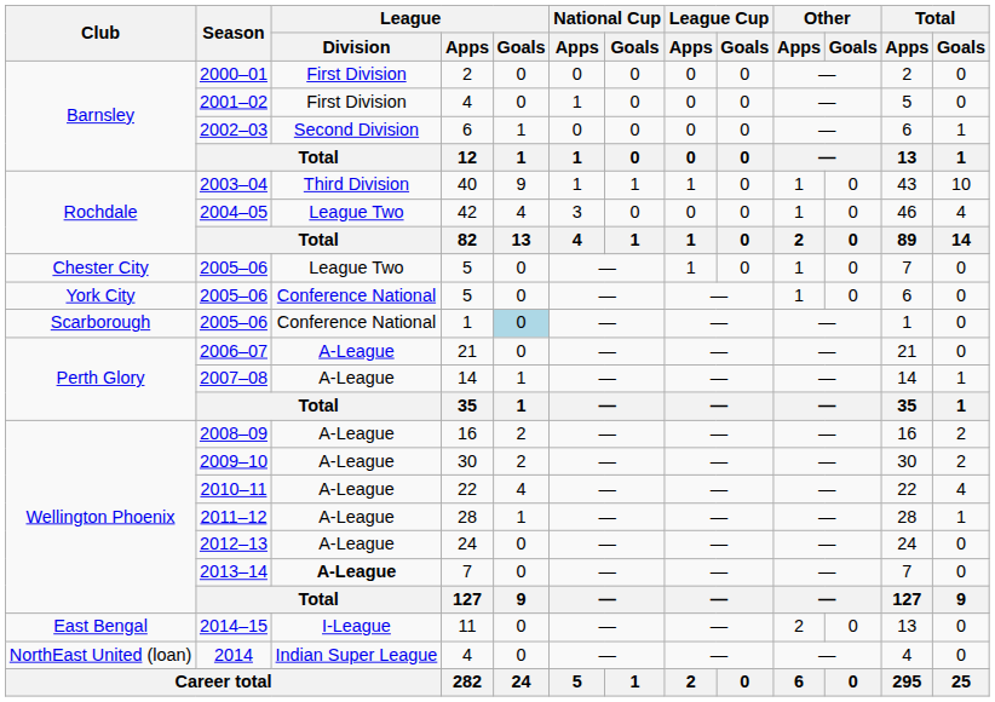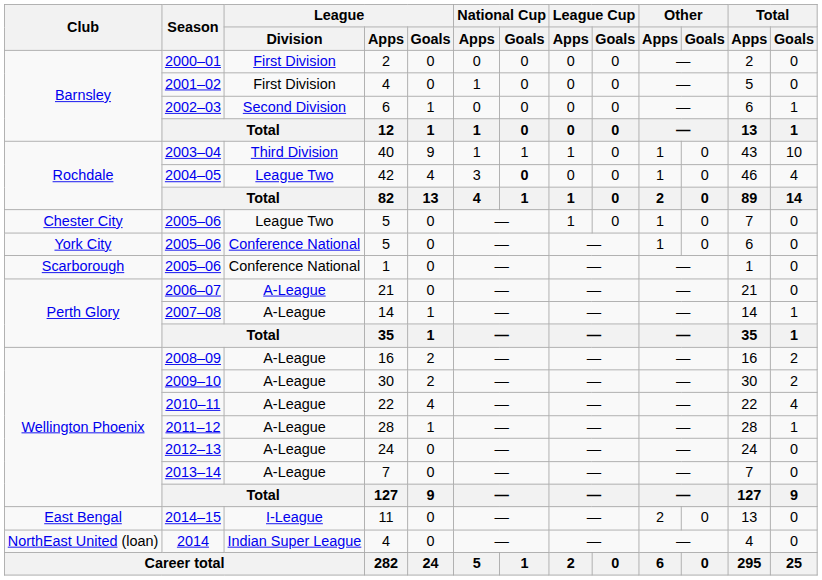 <table class="wikitable" style="text-align: center;">
 <tr>
 <th rowspan="2">Club</th>
 <th rowspan="2">Season</th>
 <th colspan="3">League</th>
 <th colspan="2">National Cup</th>
 <th colspan="2">League Cup</th>
 <th colspan="2">Other</th>
 <th colspan="2">Total</th>
 </tr>
 <tr>
 <th>Division</th>
 <th>Apps</th>
 <th>Goals</th>
 <th>Apps</th>
 <th>Goals</th>
 <th>Apps</th>
 <th>Goals</th>
 <th>Apps</th>
 <th>Goals</th>
 <th>Apps</th>
 <th>Goals</th>
 </tr>
 <tr>
 <td rowspan="4"><a href='#'>Barnsley</a></td>
 <td><a href='#'>2000–01</a></td>
 <td><a href='#'>First Division</a></td>
 <td>2</td>
 <td>0</td>
 <td>0</td>
 <td>0</td>
 <td>0</td>
 <td>0</td>
 <td colspan="2">—</td>
 <td>2</td>
 <td>0</td>
 </tr>
 <tr>
 <td><a href='#'>2001–02</a></td>
 <td>First Division</td>
 <td>4</td>
 <td>0</td>
 <td>1</td>
 <td>0</td>
 <td>0</td>
 <td>0</td>
 <td colspan="2">—</td>
 <td>5</td>
 <td>0</td>
 </tr>
 <tr>
 <td><a href='#'>2002–03</a></td>
 <td><a href='#'>Second Division</a></td>
 <td>6</td>
 <td>1</td>
 <td>0</td>
 <td>0</td>
 <td>0</td>
 <td>0</td>
 <td colspan="2">—</td>
 <td>6</td>
 <td>1</td>
 </tr>
 <tr>
 <th colspan="2">Total</th>
 <th>12</th>
 <th>1</th>
 <th>1</th>
 <th>0</th>
 <th>0</th>
 <th>0</th>
 <th colspan="2">—</th>
 <th>13</th>
 <th>1</th>
 </tr>
 <tr>
 <td rowspan="3"><a href='#'>Rochdale</a></td>
 <td><a href='#'>2003–04</a></td>
 <td><a href='#'>Third Division</a></td>
 <td>40</td>
 <td>9</td>
 <td>1</td>
 <td>1</td>
 <td>1</td>
 <td>0</td>
 <td>1</td>
 <td>0</td>
 <td>43</td>
 <td>10</td>
 </tr>
 <tr>
 <td><a href='#'>2004–05</a></td>
 <td><a href='#'>League Two</a></td>
 <td>42</td>
 <td>4</td>
 <td>3</td>
-<td>0</td>
+<td><strong>0</strong></td>
 <td>0</td>
 <td>0</td>
 <td>1</td>
 <td>0</td>
 <td>46</td>
 <td>4</td>
 </tr>
 <tr>
 <th colspan="2">Total</th>
 <th>82</th>
 <th>13</th>
 <th>4</th>
 <th>1</th>
 <th>1</th>
 <th>0</th>
 <th>2</th>
 <th>0</th>
 <th>89</th>
 <th>14</th>
 </tr>
 <tr>
 <td><a href='#'>Chester City</a></td>
 <td><a href='#'>2005–06</a></td>
 <td>League Two</td>
 <td>5</td>
 <td>0</td>
 <td colspan="2">—</td>
 <td>1</td>
 <td>0</td>
 <td>1</td>
 <td>0</td>
 <td>7</td>
 <td>0</td>
 </tr>
 <tr>
 <td><a href='#'>York City</a></td>
 <td><a href='#'>2005–06</a></td>
 <td><a href='#'>Conference National</a></td>
 <td>5</td>
 <td>0</td>
 <td colspan="2">—</td>
 <td colspan="2">—</td>
 <td>1</td>
 <td>0</td>
 <td>6</td>
 <td>0</td>
 </tr>
 <tr>
 <td><a href='#'>Scarborough</a></td>
 <td><a href='#'>2005–06</a></td>
 <td>Conference National</td>
 <td>1</td>
-<td style="background: lightblue;">0</td>
+<td>0</td>
 <td colspan="2">—</td>
 <td colspan="2">—</td>
 <td colspan="2">—</td>
 <td>1</td>
 <td>0</td>
 </tr>
 <tr>
 <td rowspan="3"><a href='#'>Perth Glory</a></td>
 <td><a href='#'>2006–07</a></td>
 <td><a href='#'>A-League</a></td>
 <td>21</td>
 <td>0</td>
 <td colspan="2">—</td>
 <td colspan="2">—</td>
 <td colspan="2">—</td>
 <td>21</td>
 <td>0</td>
 </tr>
 <tr>
 <td><a href='#'>2007–08</a></td>
 <td>A-League</td>
 <td>14</td>
 <td>1</td>
 <td colspan="2">—</td>
 <td colspan="2">—</td>
 <td colspan="2">—</td>
 <td>14</td>
 <td>1</td>
 </tr>
 <tr>
 <th colspan="2">Total</th>
 <th>35</th>
 <th>1</th>
 <th colspan="2">—</th>
 <th colspan="2">—</th>
 <th colspan="2">—</th>
 <th>35</th>
 <th>1</th>
 </tr>
 <tr>
 <td rowspan="7"><a href='#'>Wellington Phoenix</a></td>
 <td><a href='#'>2008–09</a></td>
 <td>A-League</td>
 <td>16</td>
 <td>2</td>
 <td colspan="2">—</td>
 <td colspan="2">—</td>
 <td colspan="2">—</td>
 <td>16</td>
 <td>2</td>
 </tr>
 <tr>
 <td><a href='#'>2009–10</a></td>
 <td>A-League</td>
 <td>30</td>
 <td>2</td>
 <td colspan="2">—</td>
 <td colspan="2">—</td>
 <td colspan="2">—</td>
 <td>30</td>
 <td>2</td>
 </tr>
 <tr>
 <td><a href='#'>2010–11</a></td>
 <td rowspan="1">A-League</td>
 <td>22</td>
 <td>4</td>
 <td colspan="2">—</td>
 <td colspan="2">—</td>
 <td colspan="2">—</td>
 <td>22</td>
 <td>4</td>
 </tr>
 <tr>
 <td><a href='#'>2011–12</a></td>
 <td>A-League</td>
 <td>28</td>
 <td>1</td>
 <td colspan="2">—</td>
 <td colspan="2">—</td>
 <td colspan="2">—</td>
 <td>28</td>
 <td>1</td>
 </tr>
 <tr>
 <td><a href='#'>2012–13</a></td>
 <td>A-League</td>
 <td>24</td>
 <td>0</td>
 <td colspan="2">—</td>
 <td colspan="2">—</td>
 <td colspan="2">—</td>
 <td>24</td>
 <td>0</td>
 </tr>
 <tr>
 <td><a href='#'>2013–14</a></td>
-<td><strong>A-League</strong></td>
+<td>A-League</td>
 <td>7</td>
 <td>0</td>
 <td colspan="2">—</td>
 <td colspan="2">—</td>
 <td colspan="2">—</td>
 <td>7</td>
 <td>0</td>
 </tr>
 <tr>
 <th colspan="2">Total</th>
 <th>127</th>
 <th>9</th>
 <th colspan="2">—</th>
 <th colspan="2">—</th>
 <th colspan="2">—</th>
 <th>127</th>
 <th>9</th>
 </tr>
 <tr>
 <td><a href='#'>East Bengal</a></td>
 <td><a href='#'>2014–15</a></td>
 <td><a href='#'>I-League</a></td>
 <td>11</td>
 <td>0</td>
 <td colspan="2">—</td>
 <td colspan="2">—</td>
 <td>2</td>
 <td>0</td>
 <td>13</td>
 <td>0</td>
 </tr>
 <tr>
 <td><a href='#'>NorthEast United</a> (loan)</td>
 <td><a href='#'>2014</a></td>
 <td><a href='#'>Indian Super League</a></td>
 <td>4</td>
 <td>0</td>
 <td colspan="2">—</td>
 <td colspan="2">—</td>
 <td colspan="2">—</td>
 <td>4</td>
 <td>0</td>
 </tr>
 <tr>
 <th colspan="3">Career total</th>
 <th>282</th>
 <th>24</th>
 <th>5</th>
 <th>1</th>
 <th>2</th>
 <th>0</th>
 <th>6</th>
 <th>0</th>
 <th>295</th>
 <th>25</th>
 </tr>
 </table>
